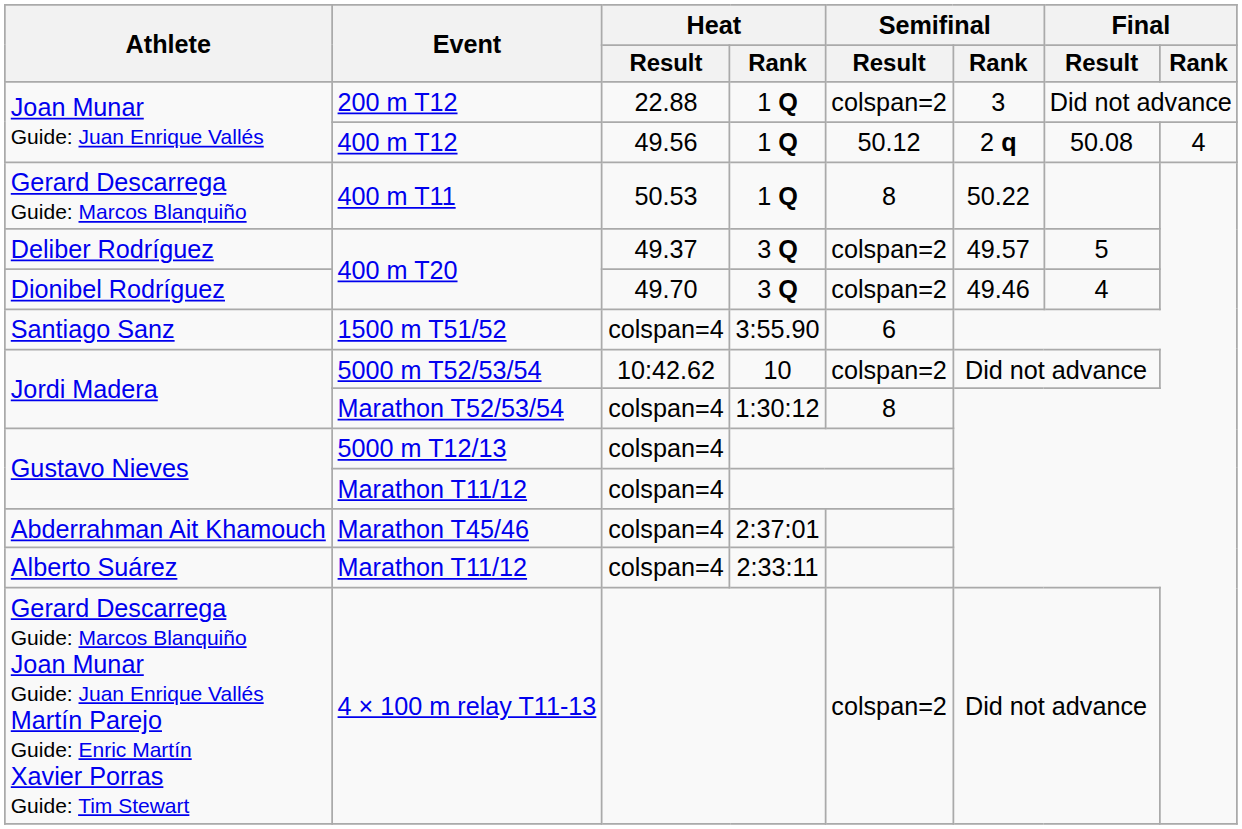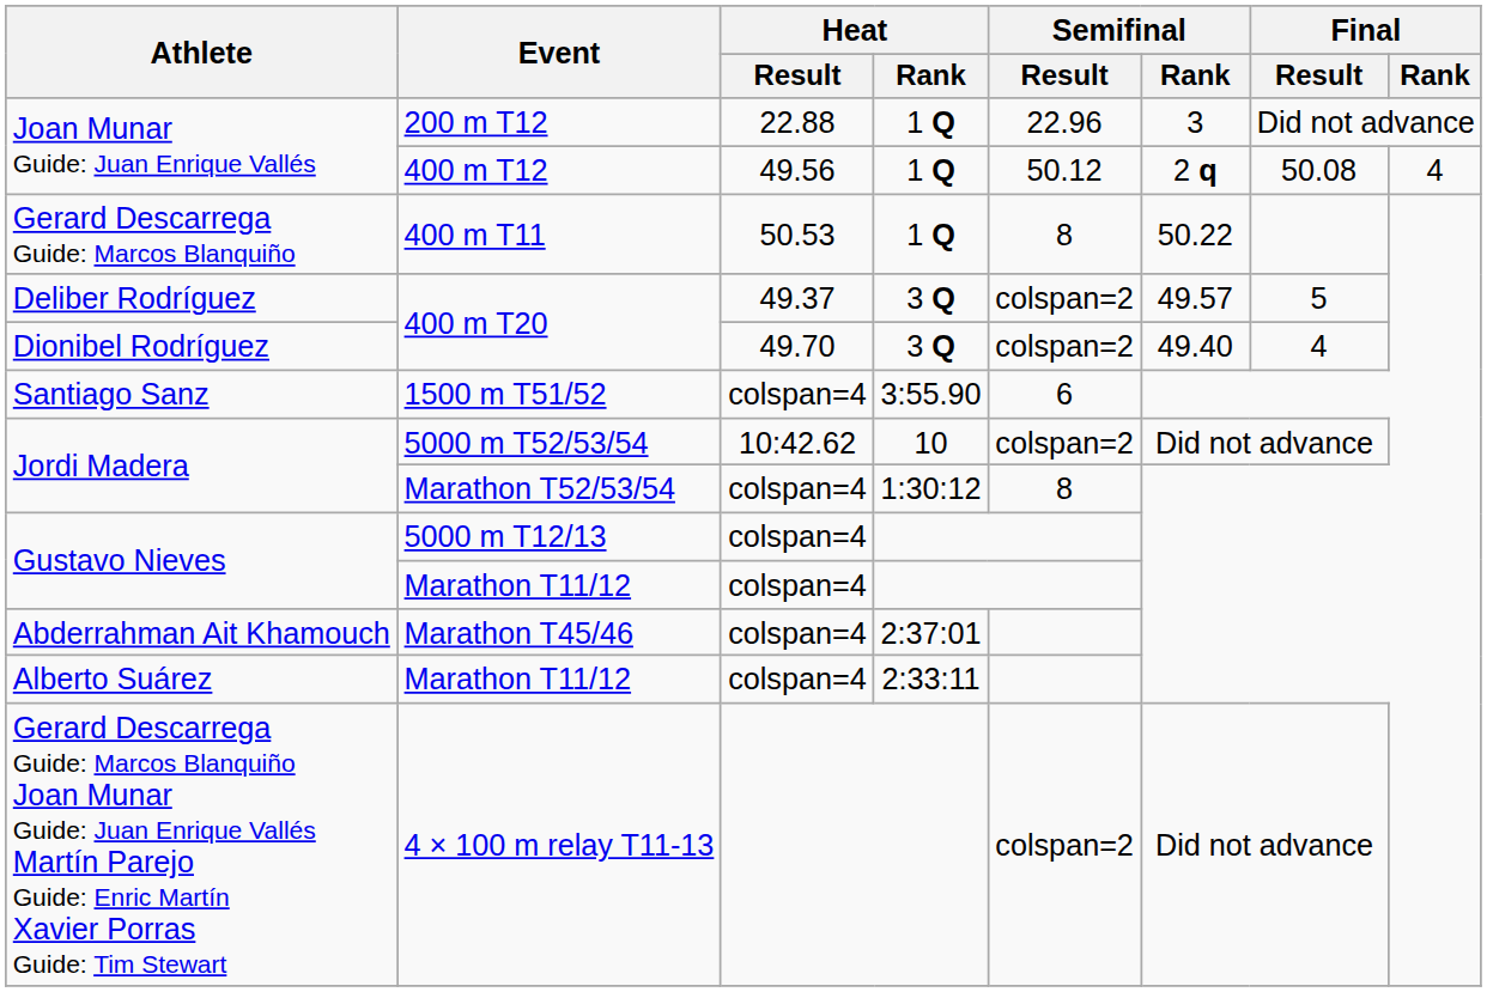 <table class="wikitable" style="font-size:90%">
 <tr>
 <th rowspan="2">Athlete</th>
 <th rowspan="2">Event</th>
 <th colspan="2">Heat</th>
 <th colspan="2">Semifinal</th>
 <th colspan="2">Final</th>
 </tr>
 <tr style="font-size:95%">
 <th>Result</th>
 <th>Rank</th>
 <th>Result</th>
 <th>Rank</th>
 <th>Result</th>
 <th>Rank</th>
 </tr>
 <tr align=center>
 <td align=left rowspan=2><a href='#'>Joan Munar</a><br><small>Guide: <a href='#'>Juan Enrique Vallés</a></small></td>
 <td align=left><a href='#'>200 m T12</a></td>
 <td>22.88</td>
 <td>1 <strong>Q</strong></td>
-<td>colspan=2 </td>
+<td>22.96</td>
 <td>3</td>
 <td colspan=2>Did not advance</td>
 </tr>
 <tr align=center>
 <td align=left><a href='#'>400 m T12</a></td>
 <td>49.56</td>
 <td>1 <strong>Q</strong></td>
 <td>50.12</td>
 <td>2 <strong>q</strong></td>
 <td>50.08</td>
 <td>4</td>
 </tr>
 <tr align=center>
 <td align=left><a href='#'>Gerard Descarrega</a><br><small>Guide: <a href='#'>Marcos Blanquiño</a></small></td>
 <td align=left><a href='#'>400 m T11</a></td>
 <td>50.53</td>
 <td>1 <strong>Q</strong></td>
 <td>8</td>
 <td>50.22</td>
 <td></td>
 </tr>
 <tr align=center>
 <td align=left><a href='#'>Deliber Rodríguez</a></td>
 <td align=left rowspan=2><a href='#'>400 m T20</a></td>
 <td>49.37</td>
 <td>3 <strong>Q</strong></td>
 <td>colspan=2 </td>
 <td>49.57</td>
 <td>5</td>
 </tr>
 <tr align=center>
 <td align=left><a href='#'>Dionibel Rodríguez</a></td>
 <td>49.70</td>
 <td>3 <strong>Q</strong></td>
 <td>colspan=2 </td>
-<td>49.46</td>
+<td>49.40</td>
 <td>4</td>
 </tr>
 <tr align=center>
 <td align=left><a href='#'>Santiago Sanz</a></td>
 <td align=left><a href='#'>1500 m T51/52</a></td>
 <td>colspan=4 </td>
 <td>3:55.90</td>
 <td>6</td>
 </tr>
 <tr align=center>
 <td align=left rowspan=2><a href='#'>Jordi Madera</a></td>
 <td align=left><a href='#'>5000 m T52/53/54</a></td>
 <td>10:42.62</td>
 <td>10</td>
 <td>colspan=2 </td>
 <td colspan=2>Did not advance</td>
 </tr>
 <tr align=center>
 <td align=left><a href='#'>Marathon T52/53/54</a></td>
 <td>colspan=4 </td>
 <td>1:30:12</td>
 <td>8</td>
 </tr>
 <tr align=center>
 <td align=left rowspan=2><a href='#'>Gustavo Nieves</a></td>
 <td align=left><a href='#'>5000 m T12/13</a></td>
 <td>colspan=4 </td>
 <td colspan=2></td>
 </tr>
 <tr align=center>
 <td align=left><a href='#'>Marathon T11/12</a></td>
 <td>colspan=4 </td>
 <td colspan=2></td>
 </tr>
 <tr align=center>
 <td align=left><a href='#'>Abderrahman Ait Khamouch</a></td>
 <td align=left><a href='#'>Marathon T45/46</a></td>
 <td>colspan=4 </td>
 <td>2:37:01</td>
 <td></td>
 </tr>
 <tr align=center>
 <td align=left><a href='#'>Alberto Suárez</a></td>
 <td align=left><a href='#'>Marathon T11/12</a></td>
 <td>colspan=4 </td>
 <td>2:33:11</td>
 <td></td>
 </tr>
 <tr align=center>
 <td align=left><a href='#'>Gerard Descarrega</a><br><small>Guide: <a href='#'>Marcos Blanquiño</a></small><br><a href='#'>Joan Munar</a><br><small>Guide: <a href='#'>Juan Enrique Vallés</a></small><br><a href='#'>Martín Parejo</a><br><small>Guide: <a href='#'>Enric Martín</a></small><br><a href='#'>Xavier Porras</a><br><small>Guide: <a href='#'>Tim Stewart</a></small></td>
 <td align=left><a href='#'>4 × 100 m relay T11-13</a></td>
 <td colspan=2></td>
 <td>colspan=2 </td>
 <td colspan=2>Did not advance</td>
 </tr>
 </table>
